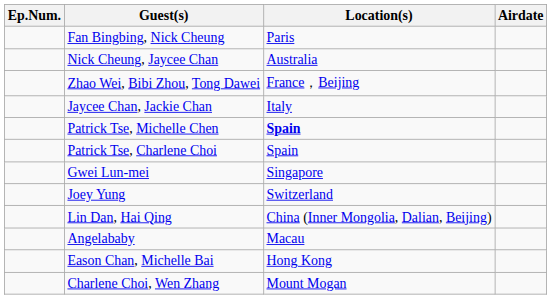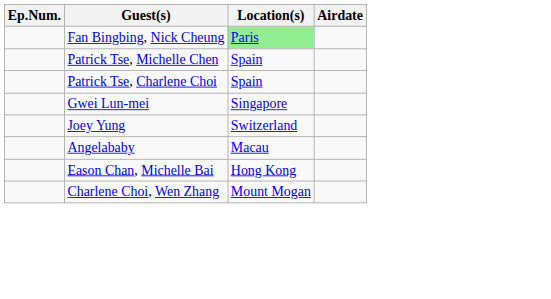 <table class="wikitable plainrowheaders">
 <tr>
 <th scope="col" style="background-color: width=3%">Ep.Num.</th>
 <th scope="col" style="background-color: width=15%">Guest(s)</th>
 <th scope="col" style="background-color: width=15%">Location(s)</th>
 <th scope="col" style="background-color: width=4%">Airdate</th>
 </tr>
 <tr>
 <td></td>
 <td><a href='#'>Fan Bingbing</a>, <a href='#'>Nick Cheung</a></td>
-<td><a href='#'>Paris</a></td>
-<td></td>
-</tr>
-<tr>
-<td></td>
-<td><a href='#'>Nick Cheung</a>, <a href='#'>Jaycee Chan</a></td>
-<td><a href='#'>Australia</a></td>
-<td></td>
-</tr>
-<tr>
-<td></td>
-<td><a href='#'>Zhao Wei</a>, <a href='#'>Bibi Zhou</a>, <a href='#'>Tong Dawei</a></td>
-<td><a href='#'>France</a>，<a href='#'>Beijing</a></td>
-<td></td>
-</tr>
-<tr>
-<td></td>
-<td><a href='#'>Jaycee Chan</a>, <a href='#'>Jackie Chan</a></td>
-<td><a href='#'>Italy</a></td>
+<td style="background: lightgreen;"><a href='#'>Paris</a></td>
 <td></td>
 </tr>
 <tr>
 <td></td>
 <td><a href='#'>Patrick Tse</a>, <a href='#'>Michelle Chen</a></td>
-<td><strong><a href='#'>Spain</a></strong></td>
+<td><a href='#'>Spain</a></td>
 <td></td>
 </tr>
 <tr>
 <td></td>
 <td><a href='#'>Patrick Tse</a>, <a href='#'>Charlene Choi</a></td>
 <td><a href='#'>Spain</a></td>
 <td></td>
 </tr>
 <tr>
 <td></td>
 <td><a href='#'>Gwei Lun-mei</a></td>
 <td><a href='#'>Singapore</a></td>
 <td></td>
 </tr>
 <tr>
 <td></td>
 <td><a href='#'>Joey Yung</a></td>
 <td><a href='#'>Switzerland</a></td>
 <td></td>
 </tr>
 <tr>
 <td></td>
-<td><a href='#'>Lin Dan</a>, <a href='#'>Hai Qing</a></td>
-<td><a href='#'>China</a> (<a href='#'>Inner Mongolia</a>, <a href='#'>Dalian</a>, <a href='#'>Beijing</a>)</td>
-<td></td>
-</tr>
-<tr>
-<td></td>
 <td><a href='#'>Angelababy</a></td>
 <td><a href='#'>Macau</a></td>
 <td></td>
 </tr>
 <tr>
 <td></td>
 <td><a href='#'>Eason Chan</a>, <a href='#'>Michelle Bai</a></td>
 <td><a href='#'>Hong Kong</a></td>
 <td></td>
 </tr>
 <tr>
 <td></td>
 <td><a href='#'>Charlene Choi</a>, <a href='#'>Wen Zhang</a></td>
 <td><a href='#'>Mount Mogan</a></td>
 <td></td>
 </tr>
 </table>
